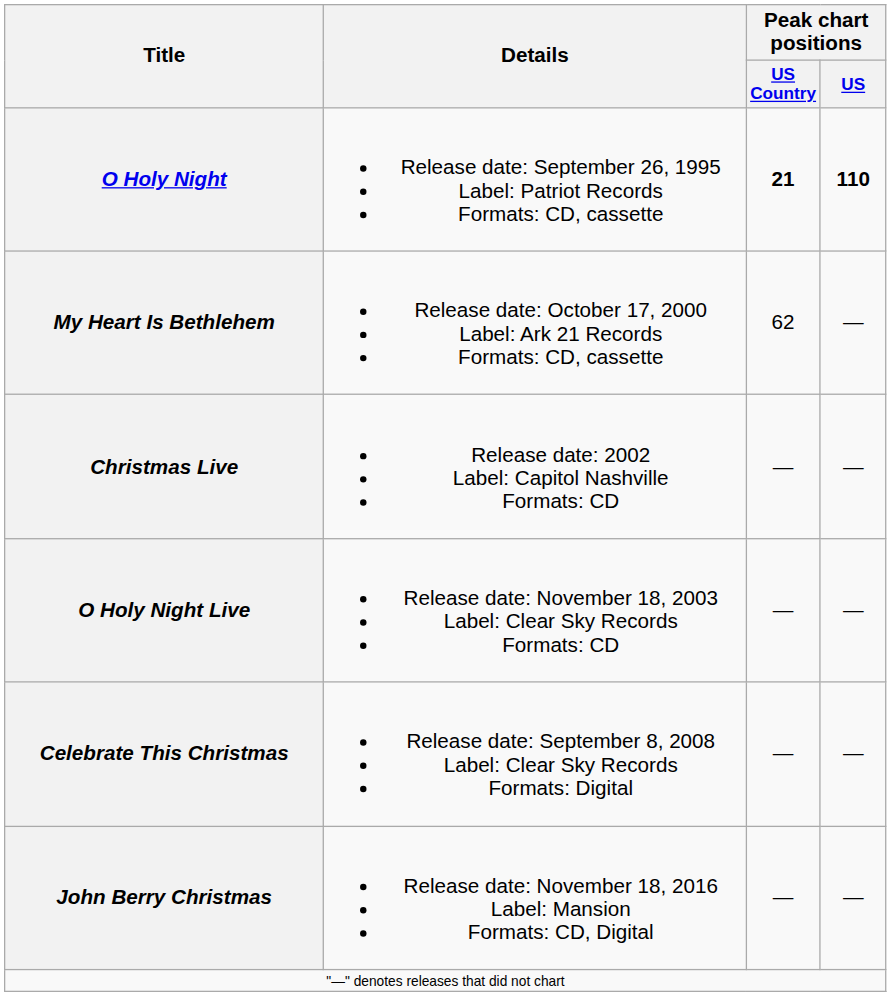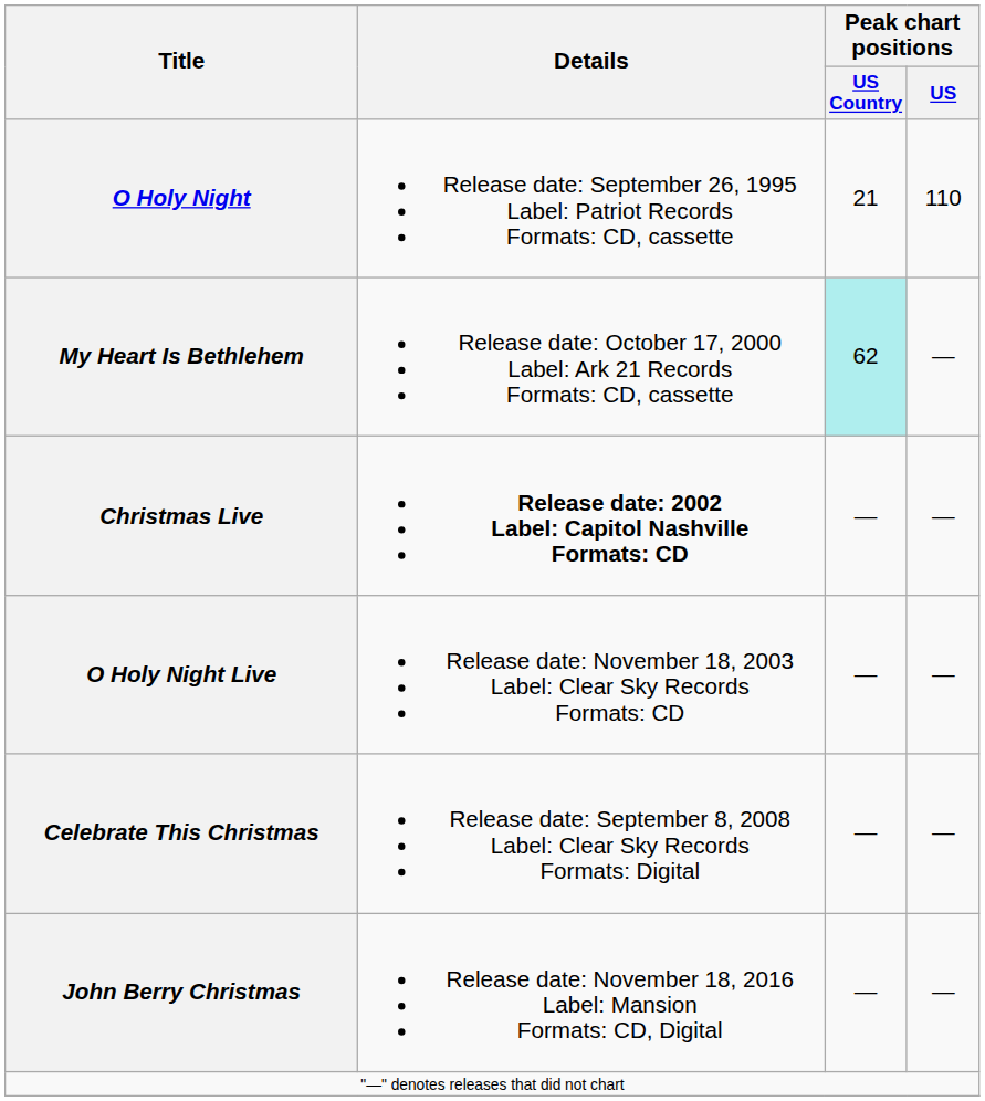 <table class="wikitable plainrowheaders" style="text-align:center;">
 <tr>
 <th rowspan="2" style="width:15em;">Title</th>
 <th rowspan="2" style="width:20em;">Details</th>
 <th colspan="2">Peak chart<br>positions</th>
 </tr>
 <tr style="font-size:smaller;">
 <th width="45"><a href='#'>US Country</a><br></th>
 <th width="45"><a href='#'>US</a><br></th>
 </tr>
 <tr>
 <th scope="row"><em><a href='#'>O Holy Night</a></em></th>
 <td><br><ul><li>Release date: September 26, 1995</li><li>Label: Patriot Records</li><li>Formats: CD, cassette</li></ul></td>
-<td><strong>21</strong></td>
-<td><strong>110</strong></td>
+<td>21</td>
+<td>110</td>
 </tr>
 <tr>
 <th scope="row"><em>My Heart Is Bethlehem</em></th>
 <td><br><ul><li>Release date: October 17, 2000</li><li>Label: Ark 21 Records</li><li>Formats: CD, cassette</li></ul></td>
-<td>62</td>
+<td style="background: paleturquoise;">62</td>
 <td>—</td>
 </tr>
 <tr>
 <th scope="row"><em>Christmas Live</em></th>
-<td><br><ul><li>Release date: 2002</li><li>Label: Capitol Nashville</li><li>Formats: CD</li></ul></td>
+<td><strong><br><ul><li>Release date: 2002</li><li>Label: Capitol Nashville</li><li>Formats: CD</li></ul></strong></td>
 <td>—</td>
 <td>—</td>
 </tr>
 <tr>
 <th scope="row"><em>O Holy Night Live</em></th>
 <td><br><ul><li>Release date: November 18, 2003</li><li>Label: Clear Sky Records</li><li>Formats: CD</li></ul></td>
 <td>—</td>
 <td>—</td>
 </tr>
 <tr>
 <th scope="row"><em>Celebrate This Christmas</em></th>
 <td><br><ul><li>Release date: September 8, 2008</li><li>Label: Clear Sky Records</li><li>Formats: Digital</li></ul></td>
 <td>—</td>
 <td>—</td>
 </tr>
 <tr>
 <th scope="row"><em>John Berry Christmas</em></th>
 <td><br><ul><li>Release date: November 18, 2016</li><li>Label: Mansion</li><li>Formats: CD, Digital</li></ul></td>
 <td>—</td>
 <td>—</td>
 </tr>
 <tr>
 <td colspan="10" style="font-size:8pt">"—" denotes releases that did not chart</td>
 </tr>
 <tr>
 </tr>
 </table>
